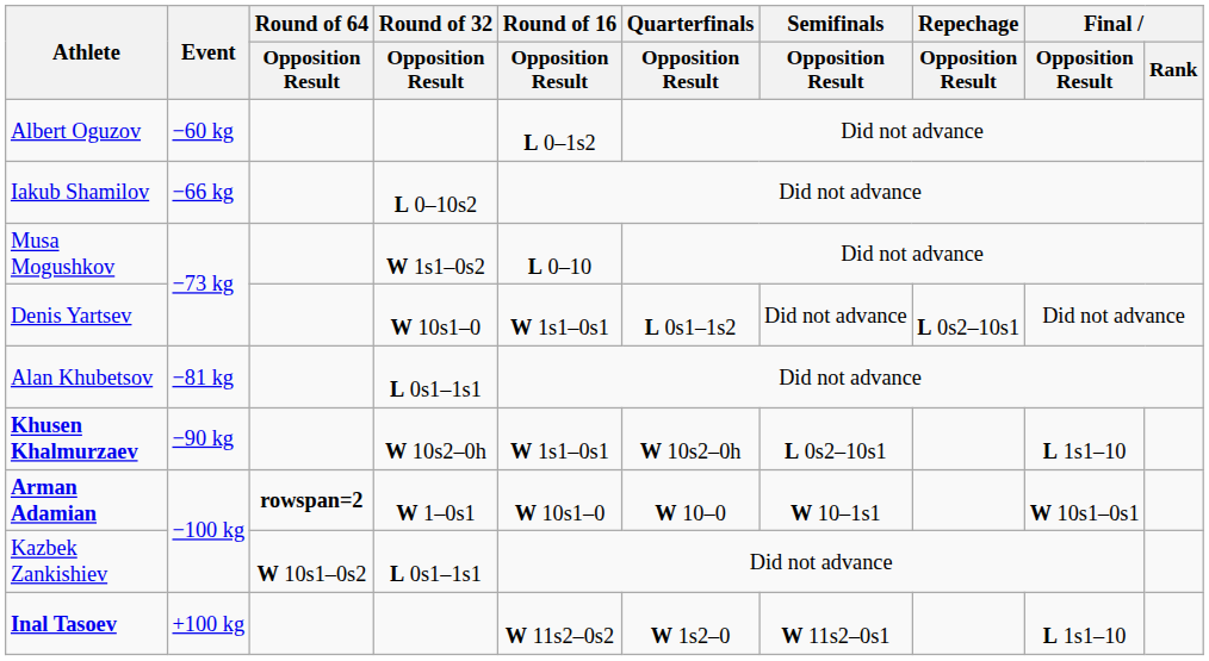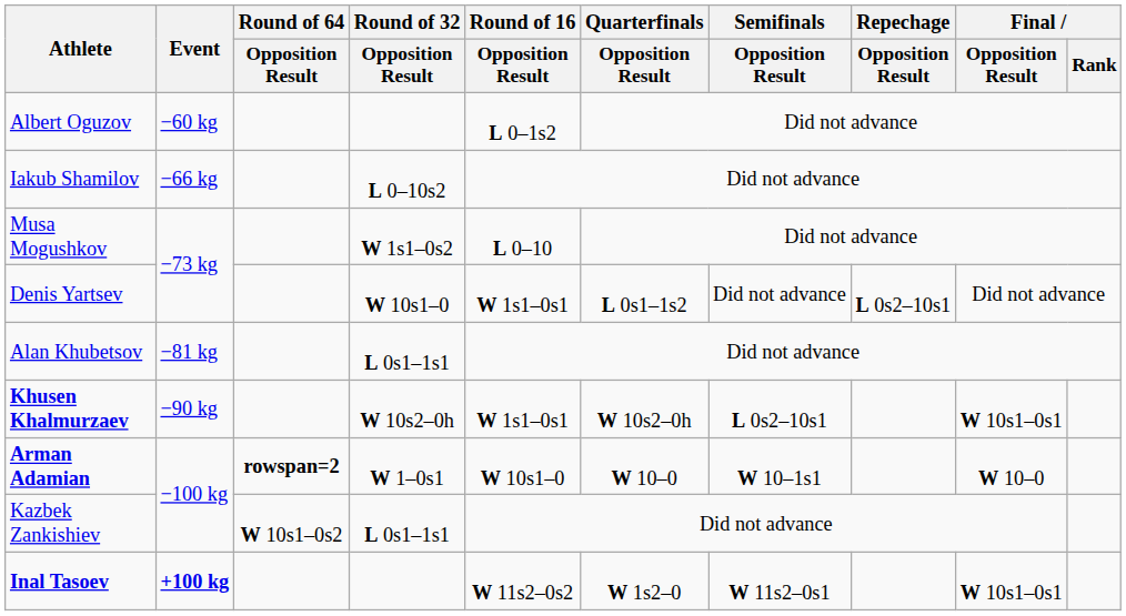 <table class="wikitable" style="text-align:center; font-size:90%">
 <tr>
 <th rowspan=2 width=100>Athlete</th>
 <th rowspan=2>Event</th>
 <th>Round of 64</th>
 <th>Round of 32</th>
 <th>Round of 16</th>
 <th>Quarterfinals</th>
 <th>Semifinals</th>
 <th>Repechage</th>
 <th colspan=2>Final / </th>
 </tr>
 <tr style="font-size:95%">
 <th>Opposition<br>Result</th>
 <th>Opposition<br>Result</th>
 <th>Opposition<br>Result</th>
 <th>Opposition<br>Result</th>
 <th>Opposition<br>Result</th>
 <th>Opposition<br>Result</th>
 <th>Opposition<br>Result</th>
 <th>Rank</th>
 </tr>
 <tr>
 <td align=left><a href='#'>Albert Oguzov</a></td>
 <td align=left><a href='#'>−60 kg</a></td>
 <td></td>
 <td></td>
 <td><br><strong>L</strong> 0–1s2</td>
 <td colspan=5>Did not advance</td>
 </tr>
 <tr>
 <td align=left><a href='#'>Iakub Shamilov</a></td>
 <td align=left><a href='#'>−66 kg</a></td>
 <td></td>
 <td><br><strong>L</strong> 0–10s2</td>
 <td colspan=6>Did not advance</td>
 </tr>
 <tr>
 <td align=left><a href='#'>Musa Mogushkov</a></td>
 <td rowspan=2 align=left><a href='#'>−73 kg</a></td>
 <td></td>
 <td><br><strong>W</strong> 1s1–0s2</td>
 <td><br><strong>L</strong> 0–10</td>
 <td colspan=5>Did not advance</td>
 </tr>
 <tr>
 <td align=left><a href='#'>Denis Yartsev</a></td>
 <td></td>
 <td><br><strong>W</strong> 10s1–0</td>
 <td><br><strong>W</strong> 1s1–0s1</td>
 <td><br><strong>L</strong> 0s1–1s2</td>
 <td>Did not advance</td>
 <td><br><strong>L</strong> 0s2–10s1</td>
 <td colspan=2>Did not advance</td>
 </tr>
 <tr>
 <td align=left><a href='#'>Alan Khubetsov</a></td>
 <td align=left><a href='#'>−81 kg</a></td>
 <td></td>
 <td><br><strong>L</strong> 0s1–1s1</td>
 <td colspan=6>Did not advance</td>
 </tr>
 <tr>
 <td align=left><strong><a href='#'>Khusen Khalmurzaev</a></strong></td>
 <td align=left><a href='#'>−90 kg</a></td>
 <td></td>
 <td><br><strong>W</strong> 10s2–0h</td>
 <td><br><strong>W</strong> 1s1–0s1</td>
 <td><br><strong>W</strong> 10s2–0h</td>
 <td><br><strong>L</strong> 0s2–10s1</td>
 <td></td>
-<td><br><strong>L</strong> 1s1–10</td>
+<td><br><strong>W</strong> 10s1–0s1</td>
 <td></td>
 </tr>
 <tr>
 <td align=left><strong><a href='#'>Arman Adamian</a></strong></td>
 <td rowspan=2 align=left><a href='#'>−100 kg</a></td>
 <td><strong>rowspan=2 </strong></td>
 <td><br><strong>W</strong> 1–0s1</td>
 <td><br><strong>W</strong> 10s1–0</td>
 <td><br><strong>W</strong> 10–0</td>
 <td><br><strong>W</strong> 10–1s1</td>
 <td></td>
-<td><br><strong>W</strong> 10s1–0s1</td>
+<td><br><strong>W</strong> 10–0</td>
 <td></td>
 </tr>
 <tr>
 <td align=left><a href='#'>Kazbek Zankishiev</a></td>
 <td><br><strong>W</strong> 10s1–0s2</td>
 <td><br><strong>L</strong> 0s1–1s1</td>
 <td colspan=5>Did not advance</td>
 </tr>
 <tr>
 <td align=left><strong><a href='#'>Inal Tasoev</a></strong></td>
-<td align=left><a href='#'>+100 kg</a></td>
+<td align=left><strong><a href='#'>+100 kg</a></strong></td>
 <td></td>
 <td></td>
 <td><br><strong>W</strong> 11s2–0s2</td>
 <td><br><strong>W</strong> 1s2–0</td>
 <td><br><strong>W</strong> 11s2–0s1</td>
 <td></td>
-<td><br><strong>L</strong> 1s1–10</td>
+<td><br><strong>W</strong> 10s1–0s1</td>
 <td></td>
 </tr>
 </table>
